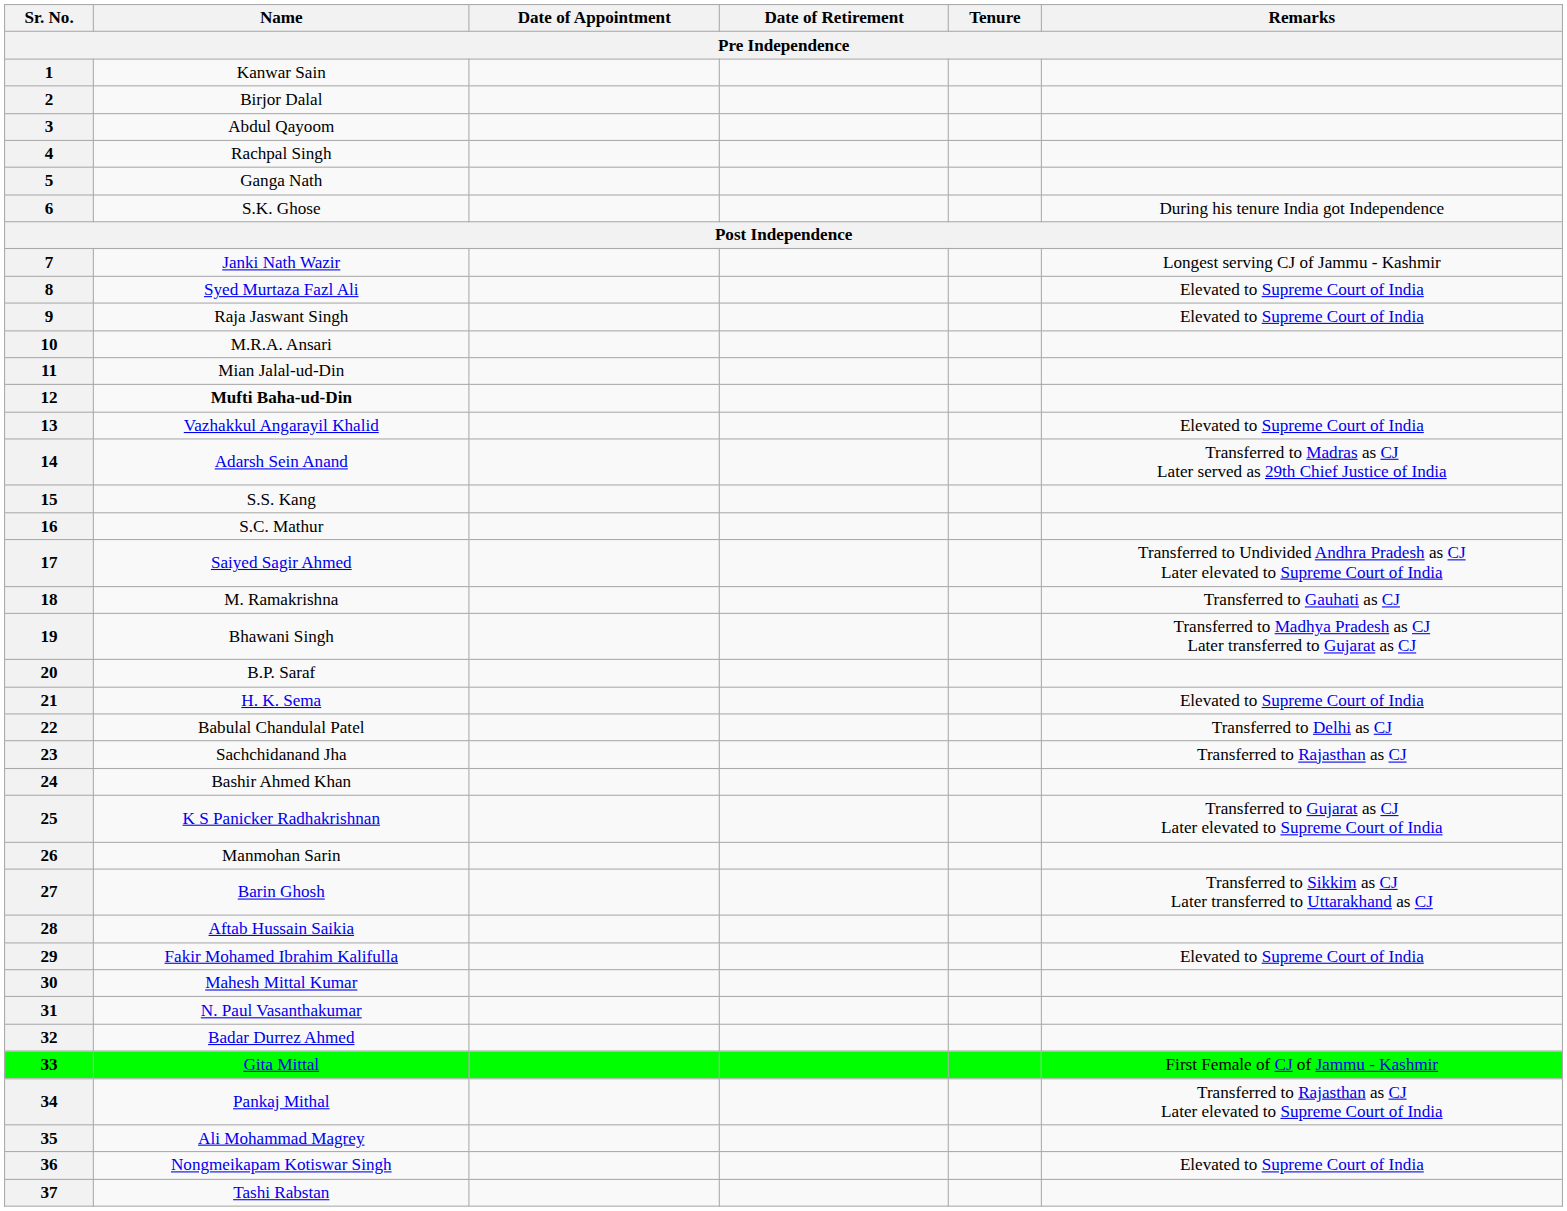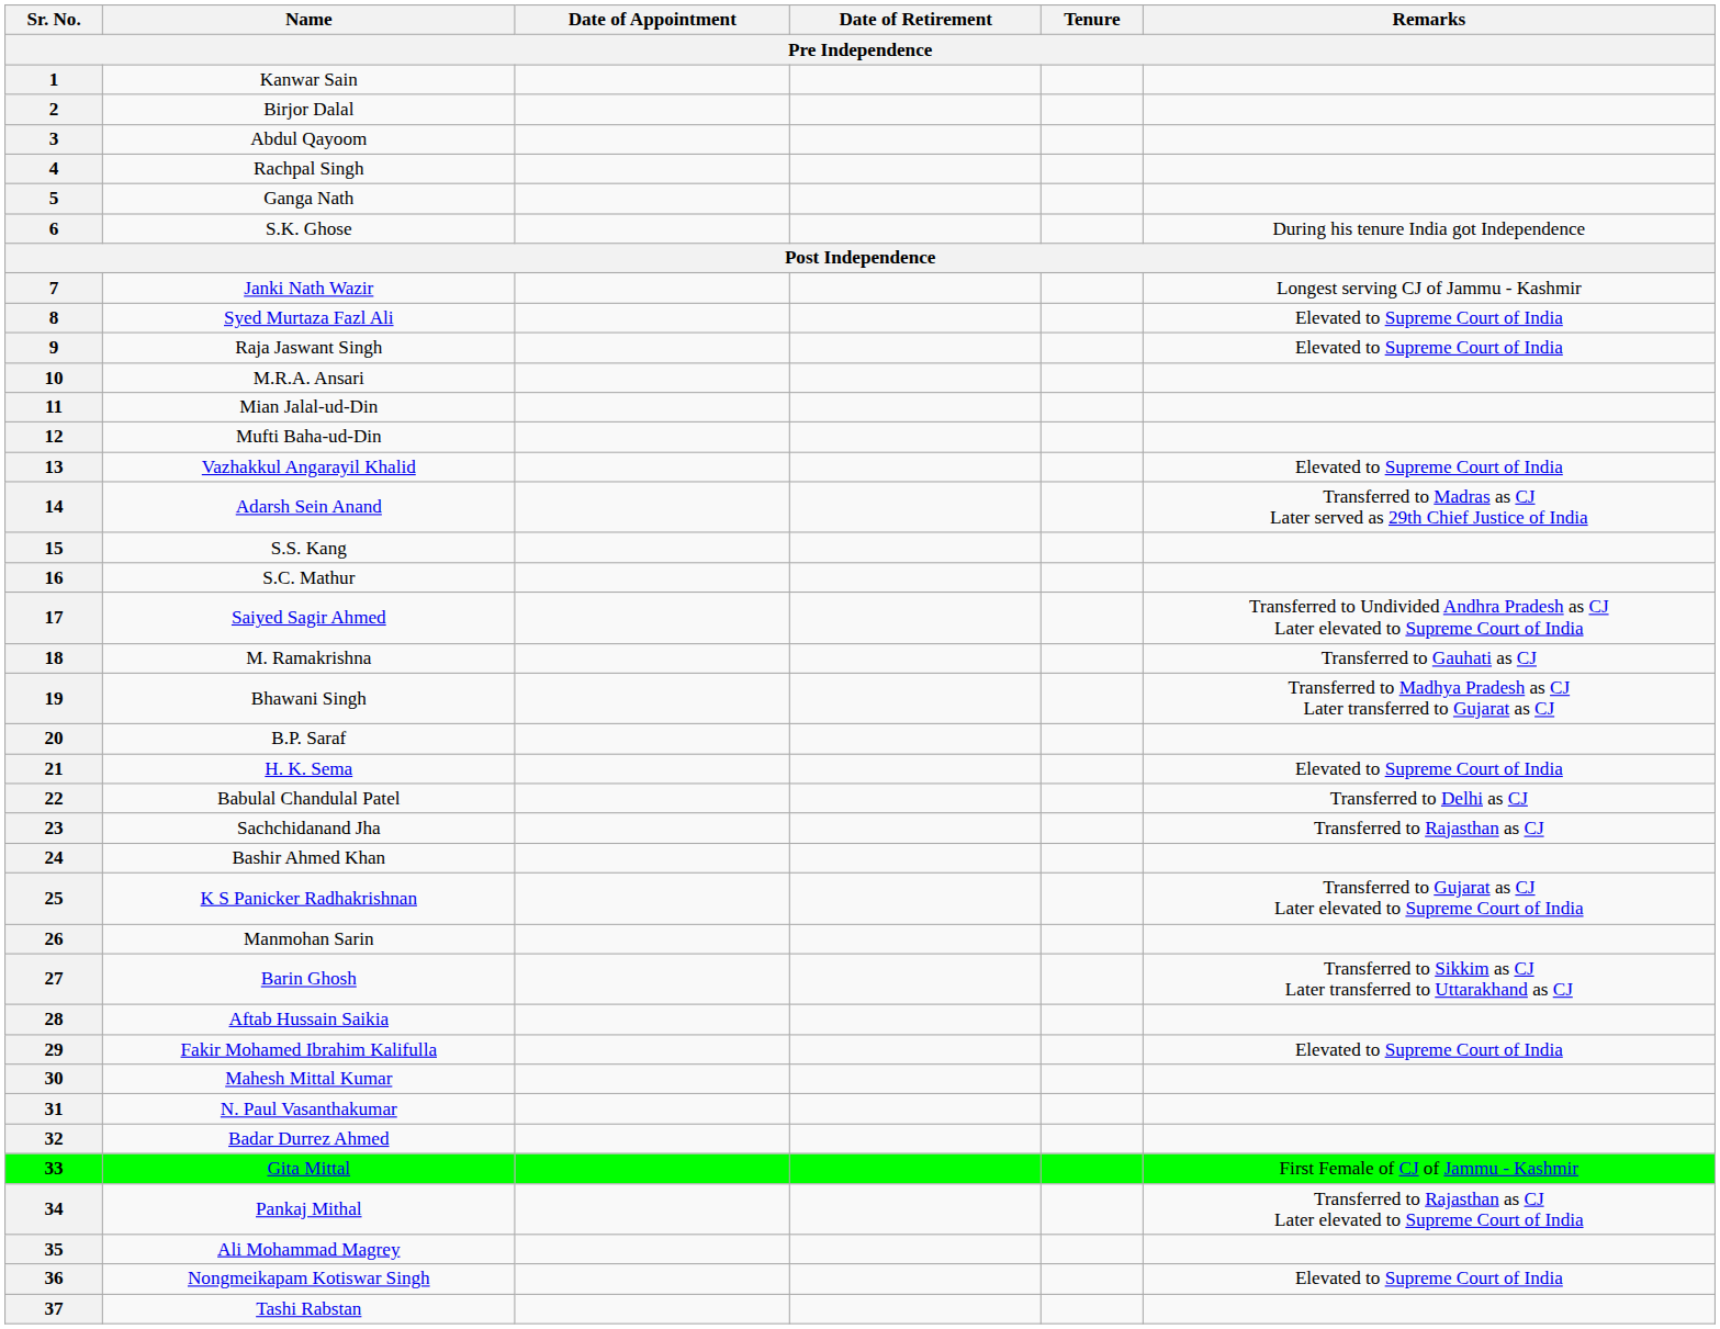 <table class="wikitable sortable" style="text-align:center" width="92%">
 <tr>
 <th>Sr. No.</th>
 <th>Name</th>
 <th>Date of Appointment</th>
 <th>Date of Retirement</th>
 <th>Tenure</th>
 <th>Remarks</th>
 </tr>
 <tr>
 <th colspan="6">Pre Independence</th>
 </tr>
 <tr>
 <th>1</th>
 <td>Kanwar Sain</td>
 <td></td>
 <td></td>
 <td></td>
 <td></td>
 </tr>
 <tr>
 <th>2</th>
 <td>Birjor Dalal</td>
 <td></td>
 <td></td>
 <td></td>
 <td></td>
 </tr>
 <tr>
 <th>3</th>
 <td>Abdul Qayoom</td>
 <td></td>
 <td></td>
 <td></td>
 <td></td>
 </tr>
 <tr>
 <th>4</th>
 <td>Rachpal Singh</td>
 <td></td>
 <td></td>
 <td></td>
 <td></td>
 </tr>
 <tr>
 <th>5</th>
 <td>Ganga Nath</td>
 <td></td>
 <td></td>
 <td></td>
 <td></td>
 </tr>
 <tr>
 <th>6</th>
 <td>S.K. Ghose</td>
 <td></td>
 <td></td>
 <td></td>
 <td>During his tenure India got Independence</td>
 </tr>
 <tr>
 <th colspan="6">Post Independence</th>
 </tr>
 <tr>
 <th>7</th>
 <td><a href='#'>Janki Nath Wazir</a></td>
 <td></td>
 <td></td>
 <td></td>
 <td>Longest serving CJ of Jammu - Kashmir</td>
 </tr>
 <tr>
 <th>8</th>
 <td><a href='#'>Syed Murtaza Fazl Ali</a></td>
 <td></td>
 <td></td>
 <td></td>
 <td>Elevated to <a href='#'>Supreme Court of India</a></td>
 </tr>
 <tr>
 <th>9</th>
 <td>Raja Jaswant Singh</td>
 <td></td>
 <td></td>
 <td></td>
 <td>Elevated to <a href='#'>Supreme Court of India</a></td>
 </tr>
 <tr>
 <th>10</th>
 <td>M.R.A. Ansari</td>
 <td></td>
 <td></td>
 <td></td>
 <td></td>
 </tr>
 <tr>
 <th>11</th>
 <td>Mian Jalal-ud-Din</td>
 <td></td>
 <td></td>
 <td></td>
 <td></td>
 </tr>
 <tr>
 <th>12</th>
-<td><strong>Mufti Baha-ud-Din</strong></td>
+<td>Mufti Baha-ud-Din</td>
 <td></td>
 <td></td>
 <td></td>
 <td></td>
 </tr>
 <tr>
 <th>13</th>
 <td><a href='#'>Vazhakkul Angarayil Khalid</a></td>
 <td></td>
 <td></td>
 <td></td>
 <td>Elevated to <a href='#'>Supreme Court of India</a></td>
 </tr>
 <tr>
 <th>14</th>
 <td><a href='#'>Adarsh Sein Anand</a></td>
 <td></td>
 <td></td>
 <td></td>
 <td>Transferred to <a href='#'>Madras</a> as <a href='#'>CJ</a> <br> Later served as <a href='#'>29th Chief Justice of India</a></td>
 </tr>
 <tr>
 <th>15</th>
 <td>S.S. Kang</td>
 <td></td>
 <td></td>
 <td></td>
 <td></td>
 </tr>
 <tr>
 <th>16</th>
 <td>S.C. Mathur</td>
 <td></td>
 <td></td>
 <td></td>
 <td></td>
 </tr>
 <tr>
 <th>17</th>
 <td><a href='#'>Saiyed Sagir Ahmed</a></td>
 <td></td>
 <td></td>
 <td></td>
 <td>Transferred to Undivided <a href='#'>Andhra Pradesh</a> as <a href='#'>CJ</a> <br> Later elevated to <a href='#'>Supreme Court of India</a></td>
 </tr>
 <tr>
 <th>18</th>
 <td>M. Ramakrishna</td>
 <td></td>
 <td></td>
 <td></td>
 <td>Transferred to <a href='#'>Gauhati</a> as <a href='#'>CJ</a></td>
 </tr>
 <tr>
 <th>19</th>
 <td>Bhawani Singh</td>
 <td></td>
 <td></td>
 <td></td>
 <td>Transferred to <a href='#'>Madhya Pradesh</a> as <a href='#'>CJ</a> <br> Later transferred to <a href='#'>Gujarat</a> as <a href='#'>CJ</a></td>
 </tr>
 <tr>
 <th>20</th>
 <td>B.P. Saraf</td>
 <td></td>
 <td></td>
 <td></td>
 <td></td>
 </tr>
 <tr>
 <th>21</th>
 <td><a href='#'>H. K. Sema</a></td>
 <td></td>
 <td></td>
 <td></td>
 <td>Elevated to <a href='#'>Supreme Court of India</a></td>
 </tr>
 <tr>
 <th>22</th>
 <td>Babulal Chandulal Patel</td>
 <td></td>
 <td></td>
 <td></td>
 <td>Transferred to <a href='#'>Delhi</a> as <a href='#'>CJ</a></td>
 </tr>
 <tr>
 <th>23</th>
 <td>Sachchidanand Jha</td>
 <td></td>
 <td></td>
 <td></td>
 <td>Transferred to <a href='#'>Rajasthan</a> as <a href='#'>CJ</a></td>
 </tr>
 <tr>
 <th>24</th>
 <td>Bashir Ahmed Khan</td>
 <td></td>
 <td></td>
 <td></td>
 <td></td>
 </tr>
 <tr>
 <th>25</th>
 <td><a href='#'>K S Panicker Radhakrishnan</a></td>
 <td></td>
 <td></td>
 <td></td>
 <td>Transferred to <a href='#'>Gujarat</a> as <a href='#'>CJ</a> <br> Later elevated to <a href='#'>Supreme Court of India</a></td>
 </tr>
 <tr>
 <th>26</th>
 <td>Manmohan Sarin</td>
 <td></td>
 <td></td>
 <td></td>
 <td></td>
 </tr>
 <tr>
 <th>27</th>
 <td><a href='#'>Barin Ghosh</a></td>
 <td></td>
 <td></td>
 <td></td>
 <td>Transferred to <a href='#'>Sikkim</a> as <a href='#'>CJ</a> <br> Later transferred to <a href='#'>Uttarakhand</a> as <a href='#'>CJ</a></td>
 </tr>
 <tr>
 <th>28</th>
 <td><a href='#'>Aftab Hussain Saikia</a></td>
 <td></td>
 <td></td>
 <td></td>
 <td></td>
 </tr>
 <tr>
 <th>29</th>
 <td><a href='#'>Fakir Mohamed Ibrahim Kalifulla</a></td>
 <td></td>
 <td></td>
 <td></td>
 <td>Elevated to <a href='#'>Supreme Court of India</a></td>
 </tr>
 <tr>
 <th>30</th>
 <td><a href='#'>Mahesh Mittal Kumar</a></td>
 <td></td>
 <td></td>
 <td></td>
 <td></td>
 </tr>
 <tr>
 <th>31</th>
 <td><a href='#'>N. Paul Vasanthakumar</a></td>
 <td></td>
 <td></td>
 <td></td>
 <td></td>
 </tr>
 <tr>
 <th>32</th>
 <td><a href='#'>Badar Durrez Ahmed</a></td>
 <td></td>
 <td></td>
 <td></td>
 <td></td>
 </tr>
 <tr>
 <th style="background:lime;">33</th>
 <td style="background:lime;"><a href='#'>Gita Mittal</a></td>
 <td style="background:lime;"></td>
 <td style="background:lime;"></td>
 <td style="background:lime;"></td>
 <td style="background:lime;">First Female of <a href='#'>CJ</a> of <a href='#'>Jammu - Kashmir</a></td>
 </tr>
 <tr>
 <th>34</th>
 <td><a href='#'>Pankaj Mithal</a></td>
 <td></td>
 <td></td>
 <td></td>
 <td>Transferred to <a href='#'>Rajasthan</a> as <a href='#'>CJ</a> <br> Later elevated to <a href='#'>Supreme Court of India</a></td>
 </tr>
 <tr>
 <th>35</th>
 <td><a href='#'>Ali Mohammad Magrey</a></td>
 <td></td>
 <td></td>
 <td></td>
 <td></td>
 </tr>
 <tr>
 <th>36</th>
 <td><a href='#'>Nongmeikapam Kotiswar Singh</a></td>
 <td></td>
 <td></td>
 <td></td>
 <td>Elevated to <a href='#'>Supreme Court of India</a></td>
 </tr>
 <tr>
 <th>37</th>
 <td><a href='#'>Tashi Rabstan</a></td>
 <td></td>
 <td></td>
 <td></td>
 <td></td>
 </tr>
 </table>
